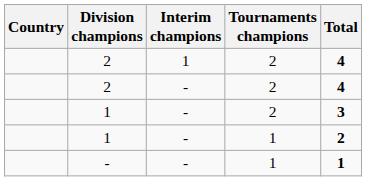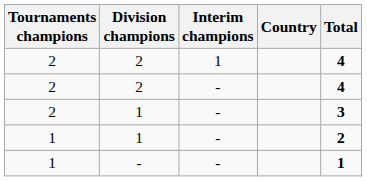 <table class="wikitable sortable mw-collapsible" style="font-size:95%; align=center">
 <tr>
-<th>Country</th>
+<th>Tournaments<br>champions</th>
 <th>Division<br>champions</th>
 <th>Interim<br>champions</th>
-<th>Tournaments<br>champions</th>
+<th>Country</th>
 <th>Total</th>
 </tr>
 <tr>
-<td align=left></td>
+<td align=center>2</td>
 <td align=center>2</td>
 <td align=center>1</td>
-<td align=center>2</td>
+<td align=left></td>
 <td align=center><strong>4</strong></td>
 </tr>
 <tr>
-<td align=left></td>
+<td align=center>2</td>
 <td align=center>2</td>
 <td align=center>-</td>
-<td align=center>2</td>
+<td align=left></td>
 <td align=center><strong>4</strong></td>
 </tr>
 <tr>
-<td align=left></td>
+<td align=center>2</td>
 <td align=center>1</td>
 <td align=center>-</td>
-<td align=center>2</td>
+<td align=left></td>
 <td align=center><strong>3</strong></td>
 </tr>
 <tr>
-<td align=left></td>
+<td align=center>1</td>
 <td align=center>1</td>
 <td align=center>-</td>
-<td align=center>1</td>
+<td align=left></td>
 <td align=center><strong>2</strong></td>
 </tr>
 <tr>
-<td align=left></td>
+<td align=center>1</td>
 <td align=center>-</td>
 <td align=center>-</td>
-<td align=center>1</td>
+<td align=left></td>
 <td align=center><strong>1</strong></td>
 </tr>
 </table>
